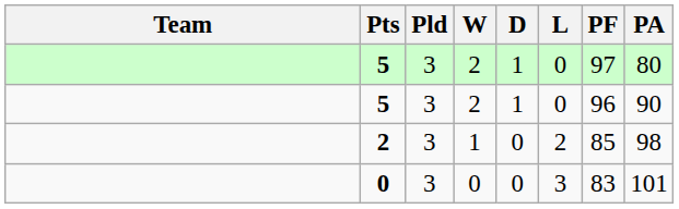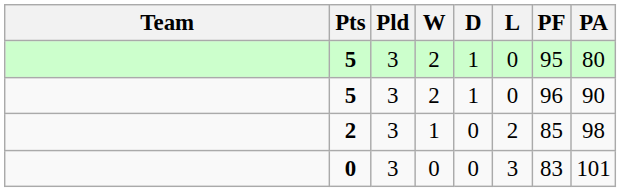 <table class=wikitable style="text-align:center">
 <tr>
 <th width=220>Team</th>
 <th width=20>Pts</th>
 <th width=20>Pld</th>
 <th width=20>W</th>
 <th width=20>D</th>
 <th width=20>L</th>
 <th width=20>PF</th>
 <th width=20>PA</th>
 </tr>
 <tr bgcolor=#ccffcc>
 <td align=left></td>
 <td><strong>5</strong></td>
 <td>3</td>
 <td>2</td>
 <td>1</td>
 <td>0</td>
-<td>97</td>
+<td>95</td>
 <td>80</td>
 </tr>
 <tr bgcolor=>
 <td align=left></td>
 <td><strong>5</strong></td>
 <td>3</td>
 <td>2</td>
 <td>1</td>
 <td>0</td>
 <td>96</td>
 <td>90</td>
 </tr>
 <tr bgcolor=>
 <td align=left></td>
 <td><strong>2</strong></td>
 <td>3</td>
 <td>1</td>
 <td>0</td>
 <td>2</td>
 <td>85</td>
 <td>98</td>
 </tr>
 <tr bgcolor=>
 <td align=left></td>
 <td><strong>0</strong></td>
 <td>3</td>
 <td>0</td>
 <td>0</td>
 <td>3</td>
 <td>83</td>
 <td>101</td>
 </tr>
 </table>
